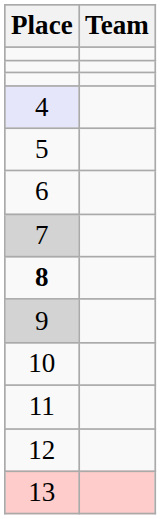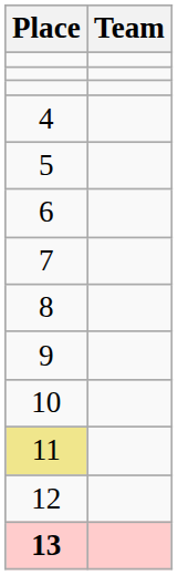 <table class="wikitable">
 <tr>
 <th>Place</th>
 <th>Team</th>
 </tr>
 <tr>
 <td align=center></td>
 <td></td>
 </tr>
 <tr>
 <td align=center></td>
 <td></td>
 </tr>
 <tr>
 <td align=center></td>
 <td></td>
 </tr>
 <tr>
-<td align=center style="background: lavender;">4</td>
+<td align=center>4</td>
 <td></td>
 </tr>
 <tr>
 <td align=center>5</td>
 <td></td>
 </tr>
 <tr>
 <td align=center>6</td>
 <td></td>
 </tr>
 <tr>
-<td align=center style="background: lightgrey;">7</td>
+<td align=center>7</td>
 <td></td>
 </tr>
 <tr>
-<td align=center><strong>8</strong></td>
+<td align=center>8</td>
 <td></td>
 </tr>
 <tr>
-<td align=center style="background: lightgrey;">9</td>
+<td align=center>9</td>
 <td></td>
 </tr>
 <tr>
 <td align=center>10</td>
 <td></td>
 </tr>
 <tr>
-<td align=center>11</td>
+<td align=center style="background: khaki;">11</td>
 <td></td>
 </tr>
 <tr>
 <td align=center>12</td>
 <td></td>
 </tr>
 <tr bgcolor=#ffcccc>
-<td align=center>13</td>
+<td align=center><strong>13</strong></td>
 <td></td>
 </tr>
 </table>
